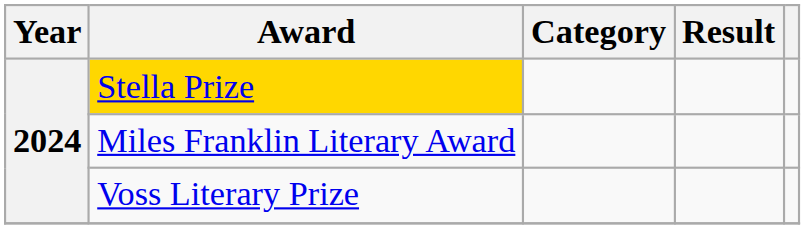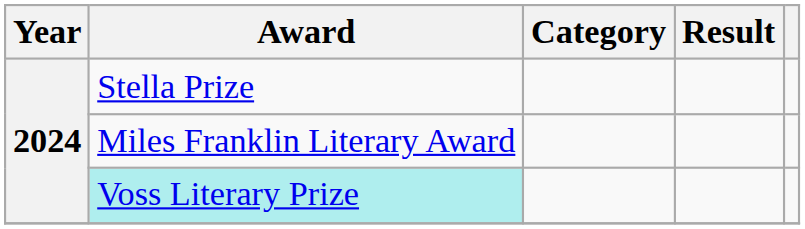 <table class="wikitable sortable">
 <tr>
 <th>Year</th>
 <th>Award</th>
 <th>Category</th>
 <th>Result</th>
 <th></th>
 </tr>
 <tr>
 <th rowspan="3">2024</th>
-<td style="background: gold;"><a href='#'>Stella Prize</a></td>
+<td><a href='#'>Stella Prize</a></td>
 <td></td>
 <td></td>
 <td></td>
 </tr>
 <tr>
 <td><a href='#'>Miles Franklin Literary Award</a></td>
 <td></td>
 <td></td>
 <td></td>
 </tr>
 <tr>
-<td><a href='#'>Voss Literary Prize</a></td>
+<td style="background: paleturquoise;"><a href='#'>Voss Literary Prize</a></td>
 <td></td>
 <td></td>
 <td></td>
 </tr>
 <tr>
 </tr>
 </table>
